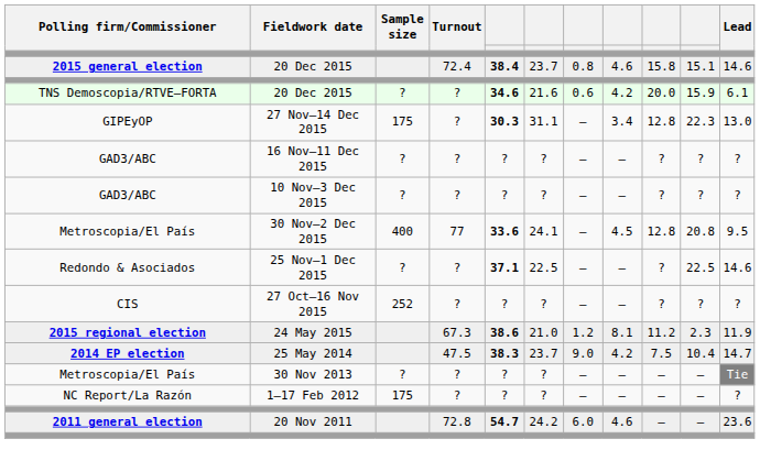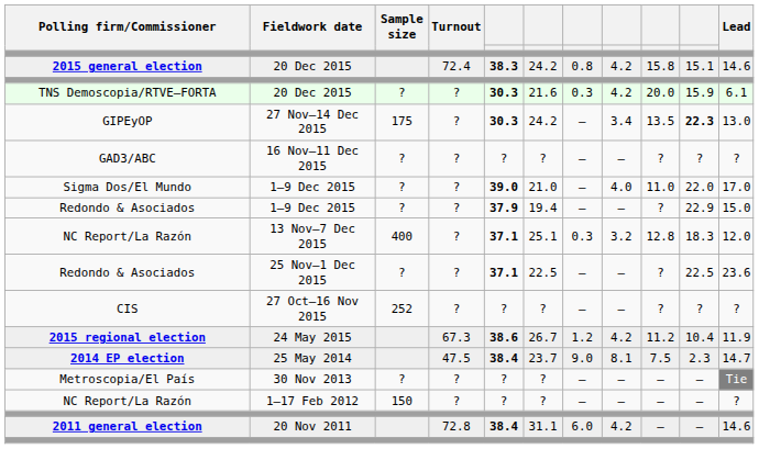 <table class="wikitable collapsible collapsed" style="text-align:center; font-size:95%; line-height:16px;">
 <tr style="height:42px; background-color:#E9E9E9">
 <th style="width:250px;" rowspan="2">Polling firm/Commissioner</th>
 <th style="width:125px;" rowspan="2">Fieldwork date</th>
 <th style="width:50px;" rowspan="2">Sample size</th>
 <th style="width:45px;" rowspan="2">Turnout</th>
 <th style="width:35px;"></th>
 <th style="width:35px;"></th>
 <th style="width:35px;"></th>
 <th style="width:35px;"></th>
 <th style="width:35px;"></th>
 <th style="width:35px;"></th>
 <th style="width:30px;" rowspan="2">Lead</th>
 </tr>
 <tr>
 <th style="color:inherit;background:"></th>
 <th style="color:inherit;background:"></th>
 <th style="color:inherit;background:"></th>
 <th style="color:inherit;background:"></th>
 <th style="color:inherit;background:"></th>
 <th style="color:inherit;background:"></th>
 </tr>
 <tr>
 <td colspan="11" style="background:#A0A0A0"></td>
 </tr>
 <tr style="background:#EFEFEF;">
 <td><strong><a href='#'>2015 general election</a></strong></td>
 <td>20 Dec 2015</td>
 <td></td>
 <td>72.4</td>
-<td><strong>38.4</strong><br></td>
-<td>23.7<br></td>
+<td><strong>38.3</strong><br></td>
+<td>24.2<br></td>
 <td>0.8<br></td>
-<td>4.6<br></td>
+<td>4.2<br></td>
 <td>15.8<br></td>
 <td>15.1<br></td>
 <td style="background:">14.6</td>
 </tr>
 <tr>
 <td colspan="11" style="background:#A0A0A0"></td>
 </tr>
 <tr style="background:#EAFFEA;">
 <td>TNS Demoscopia/RTVE–FORTA</td>
 <td>20 Dec 2015</td>
 <td>?</td>
 <td>?</td>
-<td><strong>34.6</strong><br></td>
+<td><strong>30.3</strong><br></td>
 <td>21.6<br></td>
-<td>0.6<br></td>
+<td>0.3<br></td>
 <td>4.2<br></td>
 <td>20.0<br></td>
 <td>15.9<br></td>
 <td style="background:">6.1</td>
 </tr>
 <tr>
 <td>GIPEyOP</td>
 <td>27 Nov–14 Dec 2015</td>
 <td>175</td>
 <td>?</td>
 <td><strong>30.3</strong><br></td>
-<td>31.1<br></td>
+<td>24.2<br></td>
 <td>–</td>
 <td>3.4<br></td>
-<td>12.8<br></td>
-<td>22.3<br></td>
+<td>13.5<br></td>
+<td><strong>22.3<br></strong></td>
 <td style="background:">13.0</td>
 </tr>
 <tr>
 <td>GAD3/ABC</td>
 <td>16 Nov–11 Dec 2015</td>
 <td>?</td>
 <td>?</td>
 <td>?<br></td>
 <td>?<br></td>
 <td>–</td>
 <td>–</td>
 <td>?<br></td>
 <td>?<br></td>
 <td style="background:">?</td>
 </tr>
 <tr>
-<td>GAD3/ABC</td>
-<td>10 Nov–3 Dec 2015</td>
+<td>Sigma Dos/El Mundo</td>
+<td>1–9 Dec 2015</td>
 <td>?</td>
 <td>?</td>
-<td>?<br></td>
-<td>?<br></td>
+<td><strong>39.0</strong><br></td>
+<td>21.0<br></td>
+<td>–</td>
+<td>4.0<br></td>
+<td>11.0<br></td>
+<td>22.0<br></td>
+<td style="background:">17.0</td>
+</tr>
+<tr>
+<td>Redondo & Asociados</td>
+<td>1–9 Dec 2015</td>
+<td>?</td>
+<td>?</td>
+<td><strong>37.9</strong><br></td>
+<td>19.4<br></td>
 <td>–</td>
 <td>–</td>
 <td>?<br></td>
-<td>?<br></td>
-<td style="background:">?</td>
+<td>22.9<br></td>
+<td style="background:">15.0</td>
 </tr>
 <tr>
-<td>Metroscopia/El País</td>
-<td>30 Nov–2 Dec 2015</td>
+<td>NC Report/La Razón</td>
+<td>13 Nov–7 Dec 2015</td>
 <td>400</td>
-<td>77</td>
-<td><strong>33.6</strong><br></td>
-<td>24.1<br></td>
-<td>–</td>
-<td>4.5<br></td>
+<td>?</td>
+<td><strong>37.1</strong><br></td>
+<td>25.1<br></td>
+<td>0.3<br></td>
+<td>3.2<br></td>
 <td>12.8<br></td>
-<td>20.8<br></td>
-<td style="background:">9.5</td>
+<td>18.3<br></td>
+<td style="background:">12.0</td>
 </tr>
 <tr>
 <td>Redondo & Asociados</td>
 <td>25 Nov–1 Dec 2015</td>
 <td>?</td>
 <td>?</td>
 <td><strong>37.1</strong><br></td>
 <td>22.5<br></td>
 <td>–</td>
 <td>–</td>
 <td>?<br></td>
 <td>22.5<br></td>
-<td style="background:">14.6</td>
+<td style="background:">23.6</td>
 </tr>
 <tr>
 <td>CIS</td>
 <td>27 Oct–16 Nov 2015</td>
 <td>252</td>
 <td>?</td>
 <td>?<br></td>
 <td>?<br></td>
 <td>–</td>
 <td>–</td>
 <td>?<br></td>
 <td>?<br></td>
 <td style="background:">?</td>
 </tr>
 <tr style="background:#EFEFEF;">
 <td><strong><a href='#'>2015 regional election</a></strong></td>
 <td>24 May 2015</td>
 <td></td>
 <td>67.3</td>
 <td><strong>38.6</strong><br></td>
-<td>21.0<br></td>
+<td>26.7<br></td>
 <td>1.2<br></td>
-<td>8.1<br></td>
+<td>4.2<br></td>
 <td>11.2<br></td>
-<td>2.3<br></td>
+<td>10.4<br></td>
 <td style="background:">11.9</td>
 </tr>
 <tr style="background:#EFEFEF;">
 <td><strong><a href='#'>2014 EP election</a></strong></td>
 <td>25 May 2014</td>
 <td></td>
 <td>47.5</td>
-<td><strong>38.3</strong><br></td>
+<td><strong>38.4</strong><br></td>
 <td>23.7<br></td>
 <td>9.0<br></td>
-<td>4.2<br></td>
+<td>8.1<br></td>
 <td>7.5<br></td>
-<td>10.4<br></td>
+<td>2.3<br></td>
 <td style="background:">14.7</td>
 </tr>
 <tr>
 <td>Metroscopia/El País</td>
 <td>30 Nov 2013</td>
 <td>?</td>
 <td>?</td>
 <td>?<br></td>
 <td>?<br></td>
 <td>–</td>
 <td>–</td>
 <td>–</td>
 <td>–</td>
 <td style="background:gray;color:white;">Tie</td>
 </tr>
 <tr>
 <td>NC Report/La Razón</td>
 <td>1–17 Feb 2012</td>
-<td>175</td>
+<td>150</td>
 <td>?</td>
 <td>?<br></td>
 <td>?<br></td>
 <td>–</td>
 <td>–</td>
 <td>–</td>
 <td>–</td>
 <td style="background:">?</td>
 </tr>
 <tr>
 <td colspan="11" style="background:#A0A0A0"></td>
 </tr>
 <tr style="background:#EFEFEF;">
 <td><strong><a href='#'>2011 general election</a></strong></td>
 <td>20 Nov 2011</td>
 <td></td>
 <td>72.8</td>
-<td><strong>54.7</strong><br></td>
-<td>24.2<br></td>
+<td><strong>38.4</strong><br></td>
+<td>31.1<br></td>
 <td>6.0<br></td>
-<td>4.6<br></td>
+<td>4.2<br></td>
 <td>–</td>
 <td>–</td>
-<td style="background:">23.6</td>
+<td style="background:">14.6</td>
 </tr>
 <tr>
 <td colspan="11" style="background:#A0A0A0"></td>
 </tr>
 </table>
